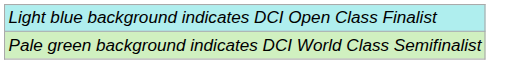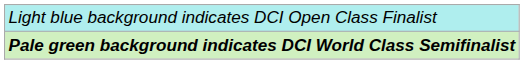 <table class="wikitable" style="font-size:100%;">
 <tr>
 <td style="background-color:#afeeee"><em>Light blue background indicates DCI Open Class Finalist</em></td>
 </tr>
 <tr>
-<td style="background-color:#d0f0c0"><em>Pale green background indicates DCI World Class Semifinalist</em></td>
+<td style="background-color:#d0f0c0"><strong><em>Pale green background indicates DCI World Class Semifinalist</em></strong></td>
 </tr>
 </table>
